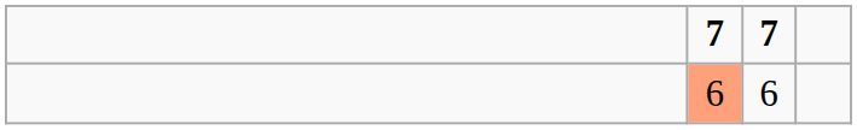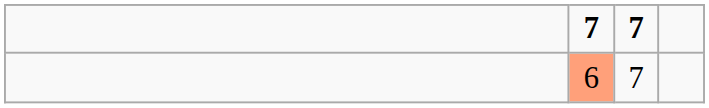 <table class="wikitable">
 <tr>
 <td style="width:18em"><strong></strong></td>
 <td align=center style="width:1em"><strong>7</strong></td>
 <td align=center style="width:1em"><strong>7</strong></td>
 <td align=center style="width:1em"></td>
 </tr>
 <tr>
 <td style="width:18em"></td>
 <td align=center style="background: lightsalmon; width:1em">6</td>
-<td align=center style="width:1em">6</td>
+<td align=center style="width:1em">7</td>
 <td align=center style="width:1em"></td>
 </tr>
 </table>
